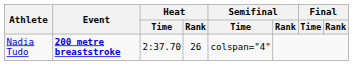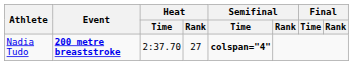 <table class="wikitable" style="text-align:center; font-size:90%; width:50%;">
 <tr>
 <th rowspan="2">Athlete</th>
 <th rowspan="2">Event</th>
 <th colspan="2">Heat</th>
 <th colspan="2">Semifinal</th>
 <th colspan="2">Final</th>
 </tr>
 <tr style="font-size:95%">
 <th>Time</th>
 <th>Rank</th>
 <th>Time</th>
 <th>Rank</th>
 <th>Time</th>
 <th>Rank</th>
 </tr>
 <tr>
 <td align=left><a href='#'>Nadia Tudo</a></td>
 <td align=left><strong><a href='#'>200 metre breaststroke</a></strong></td>
 <td>2:37.70</td>
-<td>26</td>
-<td>colspan="4"  </td>
+<td>27</td>
+<td><strong>colspan="4"  </strong></td>
 </tr>
 </table>
